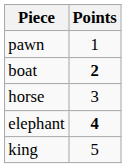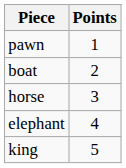 <table class="wikitable">
 <tr>
 <th>Piece</th>
 <th>Points</th>
 </tr>
 <tr>
 <td>pawn</td>
 <td align="center">1</td>
 </tr>
 <tr>
 <td>boat</td>
-<td align="center"><strong>2</strong></td>
+<td align="center">2</td>
 </tr>
 <tr>
 <td>horse</td>
 <td align="center">3</td>
 </tr>
 <tr>
 <td>elephant</td>
-<td align="center"><strong>4</strong></td>
+<td align="center">4</td>
 </tr>
 <tr>
 <td>king</td>
 <td align="center">5</td>
 </tr>
 </table>
